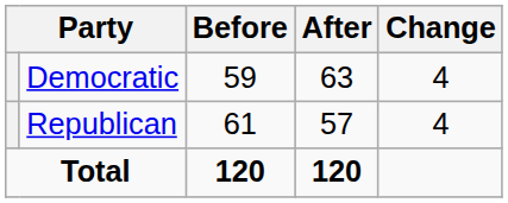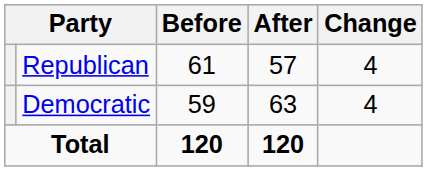 <table class="wikitable" style="text-align:center;">
 <tr>
 <th colspan="2">Party</th>
 <th>Before</th>
 <th>After</th>
 <th>Change</th>
 </tr>
 <tr>
 <th style="background-color:"></th>
-<td style="text-align:left;"><a href='#'>Democratic</a></td>
-<td>59</td>
-<td>63</td>
+<td style="text-align:left;"><a href='#'>Republican</a></td>
+<td>61</td>
+<td>57</td>
 <td> 4</td>
 </tr>
 <tr>
 <th style="background-color:"></th>
-<td style="text-align:left;"><a href='#'>Republican</a></td>
-<td>61</td>
-<td>57</td>
+<td style="text-align:left;"><a href='#'>Democratic</a></td>
+<td>59</td>
+<td>63</td>
 <td> 4</td>
 </tr>
 <tr>
 <td colspan="2"><strong>Total</strong></td>
 <td><strong>120</strong></td>
 <td><strong>120</strong></td>
 <td></td>
 </tr>
 </table>
